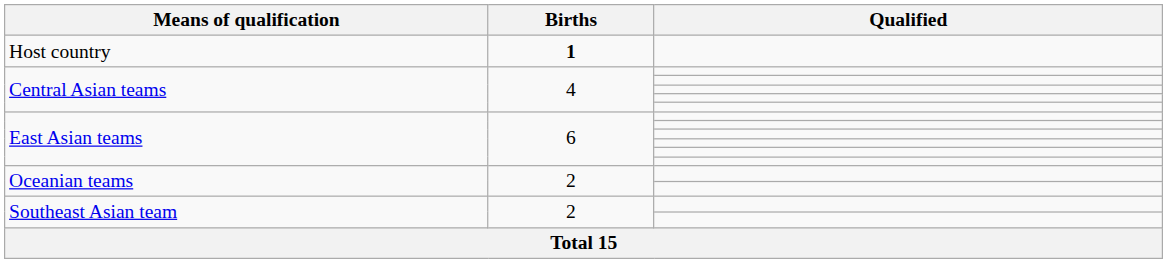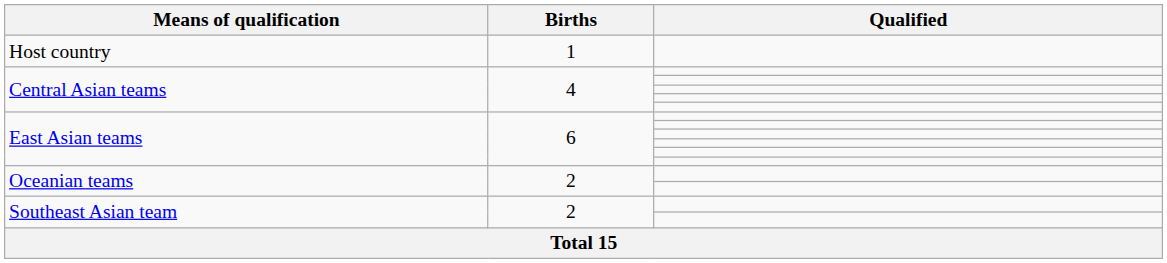 <table class="wikitable" style="margin:0; width:60%;">
 <tr>
 <th style="margin:0; width:38%;">Means of qualification</th>
 <th style="margin:0; width:13%;">Births</th>
 <th style="margin:0; width:40%;">Qualified</th>
 </tr>
 <tr>
 <td>Host country</td>
-<td align=center><strong>1</strong></td>
+<td align=center>1</td>
 <td></td>
 </tr>
 <tr>
 <td rowspan=5><a href='#'>Central Asian teams</a></td>
 <td rowspan=5 align=center>4</td>
 <td></td>
 </tr>
 <tr>
 <td></td>
 </tr>
 <tr>
 <td></td>
 </tr>
 <tr>
 <td></td>
 </tr>
 <tr>
 <td></td>
 </tr>
 <tr>
 <td rowspan=6><a href='#'>East Asian teams</a></td>
 <td rowspan=6 align=center>6</td>
 <td></td>
 </tr>
 <tr>
 <td></td>
 </tr>
 <tr>
 <td></td>
 </tr>
 <tr>
 <td></td>
 </tr>
 <tr>
 <td></td>
 </tr>
 <tr>
 <td></td>
 </tr>
 <tr>
 <td rowspan=2><a href='#'>Oceanian teams</a></td>
 <td rowspan=2 align=center>2</td>
 <td></td>
 </tr>
 <tr>
 <td></td>
 </tr>
 <tr>
 <td rowspan=2><a href='#'>Southeast Asian team</a></td>
 <td rowspan=2 align=center>2</td>
 <td></td>
 </tr>
 <tr>
 <td></td>
 </tr>
 <tr>
 <th colspan=4>Total 15</th>
 </tr>
 </table>
